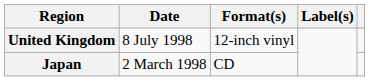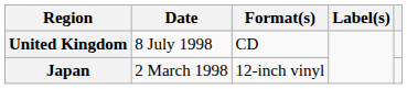 <table class="wikitable plainrowheaders">
 <tr>
 <th scope="col">Region</th>
 <th scope="col">Date</th>
 <th scope="col">Format(s)</th>
 <th scope="col">Label(s)</th>
 <th scope="col"></th>
 </tr>
 <tr>
 <th scope="row">United Kingdom</th>
 <td>8 July 1998</td>
-<td>12-inch vinyl</td>
+<td>CD</td>
 <td rowspan="2"></td>
 <td></td>
 </tr>
 <tr>
 <th scope="row">Japan</th>
 <td>2 March 1998</td>
-<td>CD</td>
+<td>12-inch vinyl</td>
 <td></td>
 </tr>
 </table>
